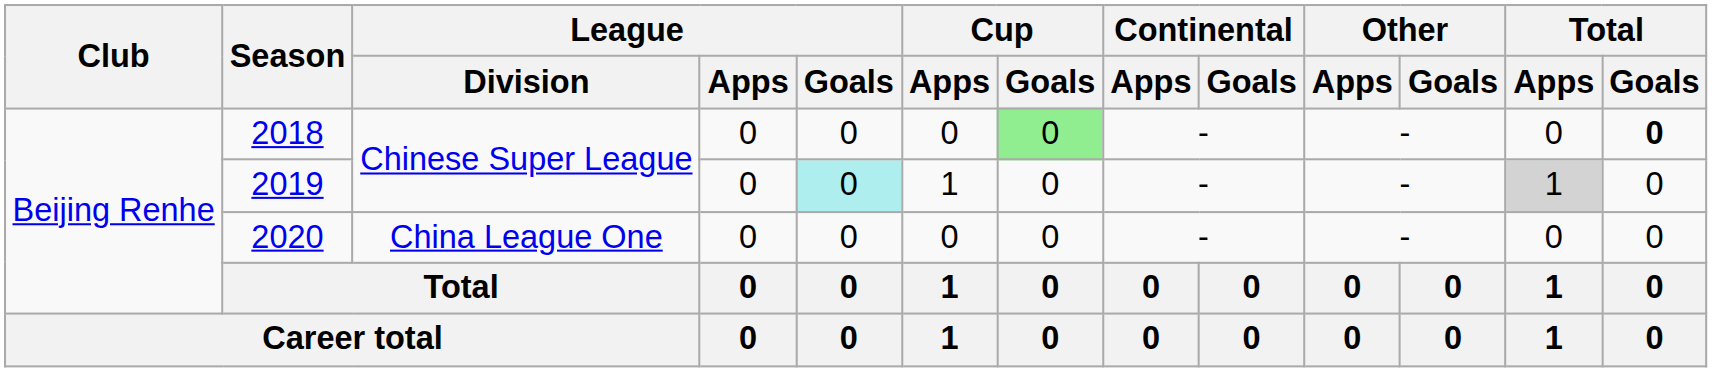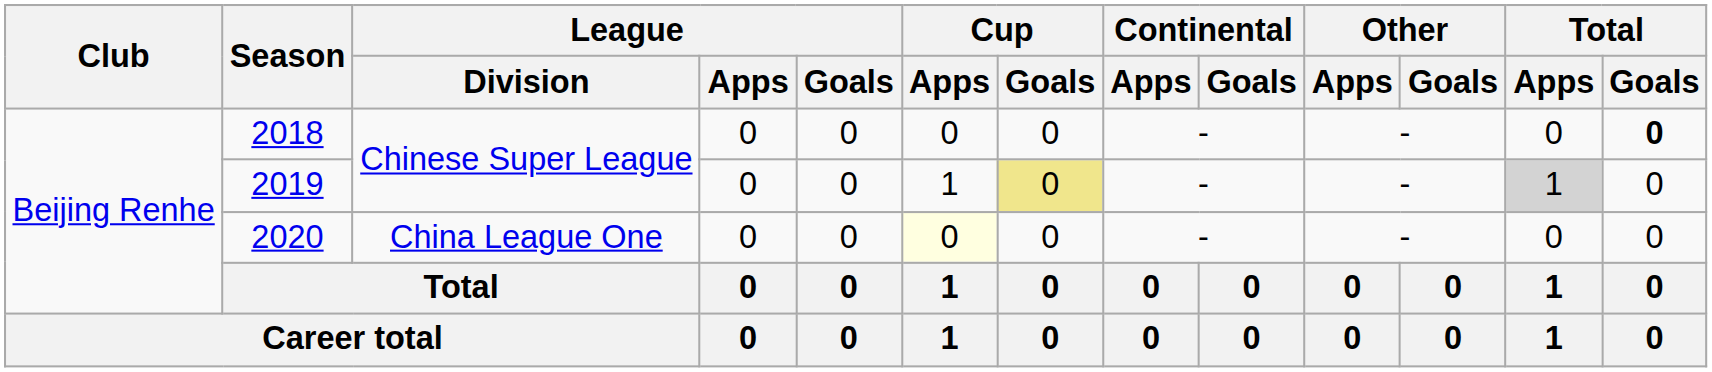 <table class="wikitable" style="text-align: center">
 <tr>
 <th rowspan="2">Club</th>
 <th rowspan="2">Season</th>
 <th colspan="3">League</th>
 <th colspan="2">Cup</th>
 <th colspan="2">Continental</th>
 <th colspan="2">Other</th>
 <th colspan="2">Total</th>
 </tr>
 <tr>
 <th>Division</th>
 <th>Apps</th>
 <th>Goals</th>
 <th>Apps</th>
 <th>Goals</th>
 <th>Apps</th>
 <th>Goals</th>
 <th>Apps</th>
 <th>Goals</th>
 <th>Apps</th>
 <th>Goals</th>
 </tr>
 <tr>
 <td rowspan=4><a href='#'>Beijing Renhe</a></td>
 <td><a href='#'>2018</a></td>
 <td rowspan="2"><a href='#'>Chinese Super League</a></td>
 <td>0</td>
 <td>0</td>
 <td>0</td>
-<td style="background: lightgreen;">0</td>
+<td>0</td>
 <td colspan="2">-</td>
 <td colspan="2">-</td>
 <td>0</td>
 <td><strong>0</strong></td>
 </tr>
 <tr>
 <td><a href='#'>2019</a></td>
 <td>0</td>
-<td style="background: paleturquoise;">0</td>
+<td>0</td>
 <td>1</td>
-<td>0</td>
+<td style="background: khaki;">0</td>
 <td colspan="2">-</td>
 <td colspan="2">-</td>
 <td style="background: lightgrey;">1</td>
 <td>0</td>
 </tr>
 <tr>
 <td><a href='#'>2020</a></td>
 <td><a href='#'>China League One</a></td>
 <td>0</td>
 <td>0</td>
-<td>0</td>
+<td style="background: lightyellow;">0</td>
 <td>0</td>
 <td colspan="2">-</td>
 <td colspan="2">-</td>
 <td>0</td>
 <td>0</td>
 </tr>
 <tr>
 <th colspan="2"><strong>Total</strong></th>
 <th>0</th>
 <th>0</th>
 <th>1</th>
 <th>0</th>
 <th>0</th>
 <th>0</th>
 <th>0</th>
 <th>0</th>
 <th>1</th>
 <th>0</th>
 </tr>
 <tr>
 <th colspan=3>Career total</th>
 <th>0</th>
 <th>0</th>
 <th>1</th>
 <th>0</th>
 <th>0</th>
 <th>0</th>
 <th>0</th>
 <th>0</th>
 <th>1</th>
 <th>0</th>
 </tr>
 </table>
